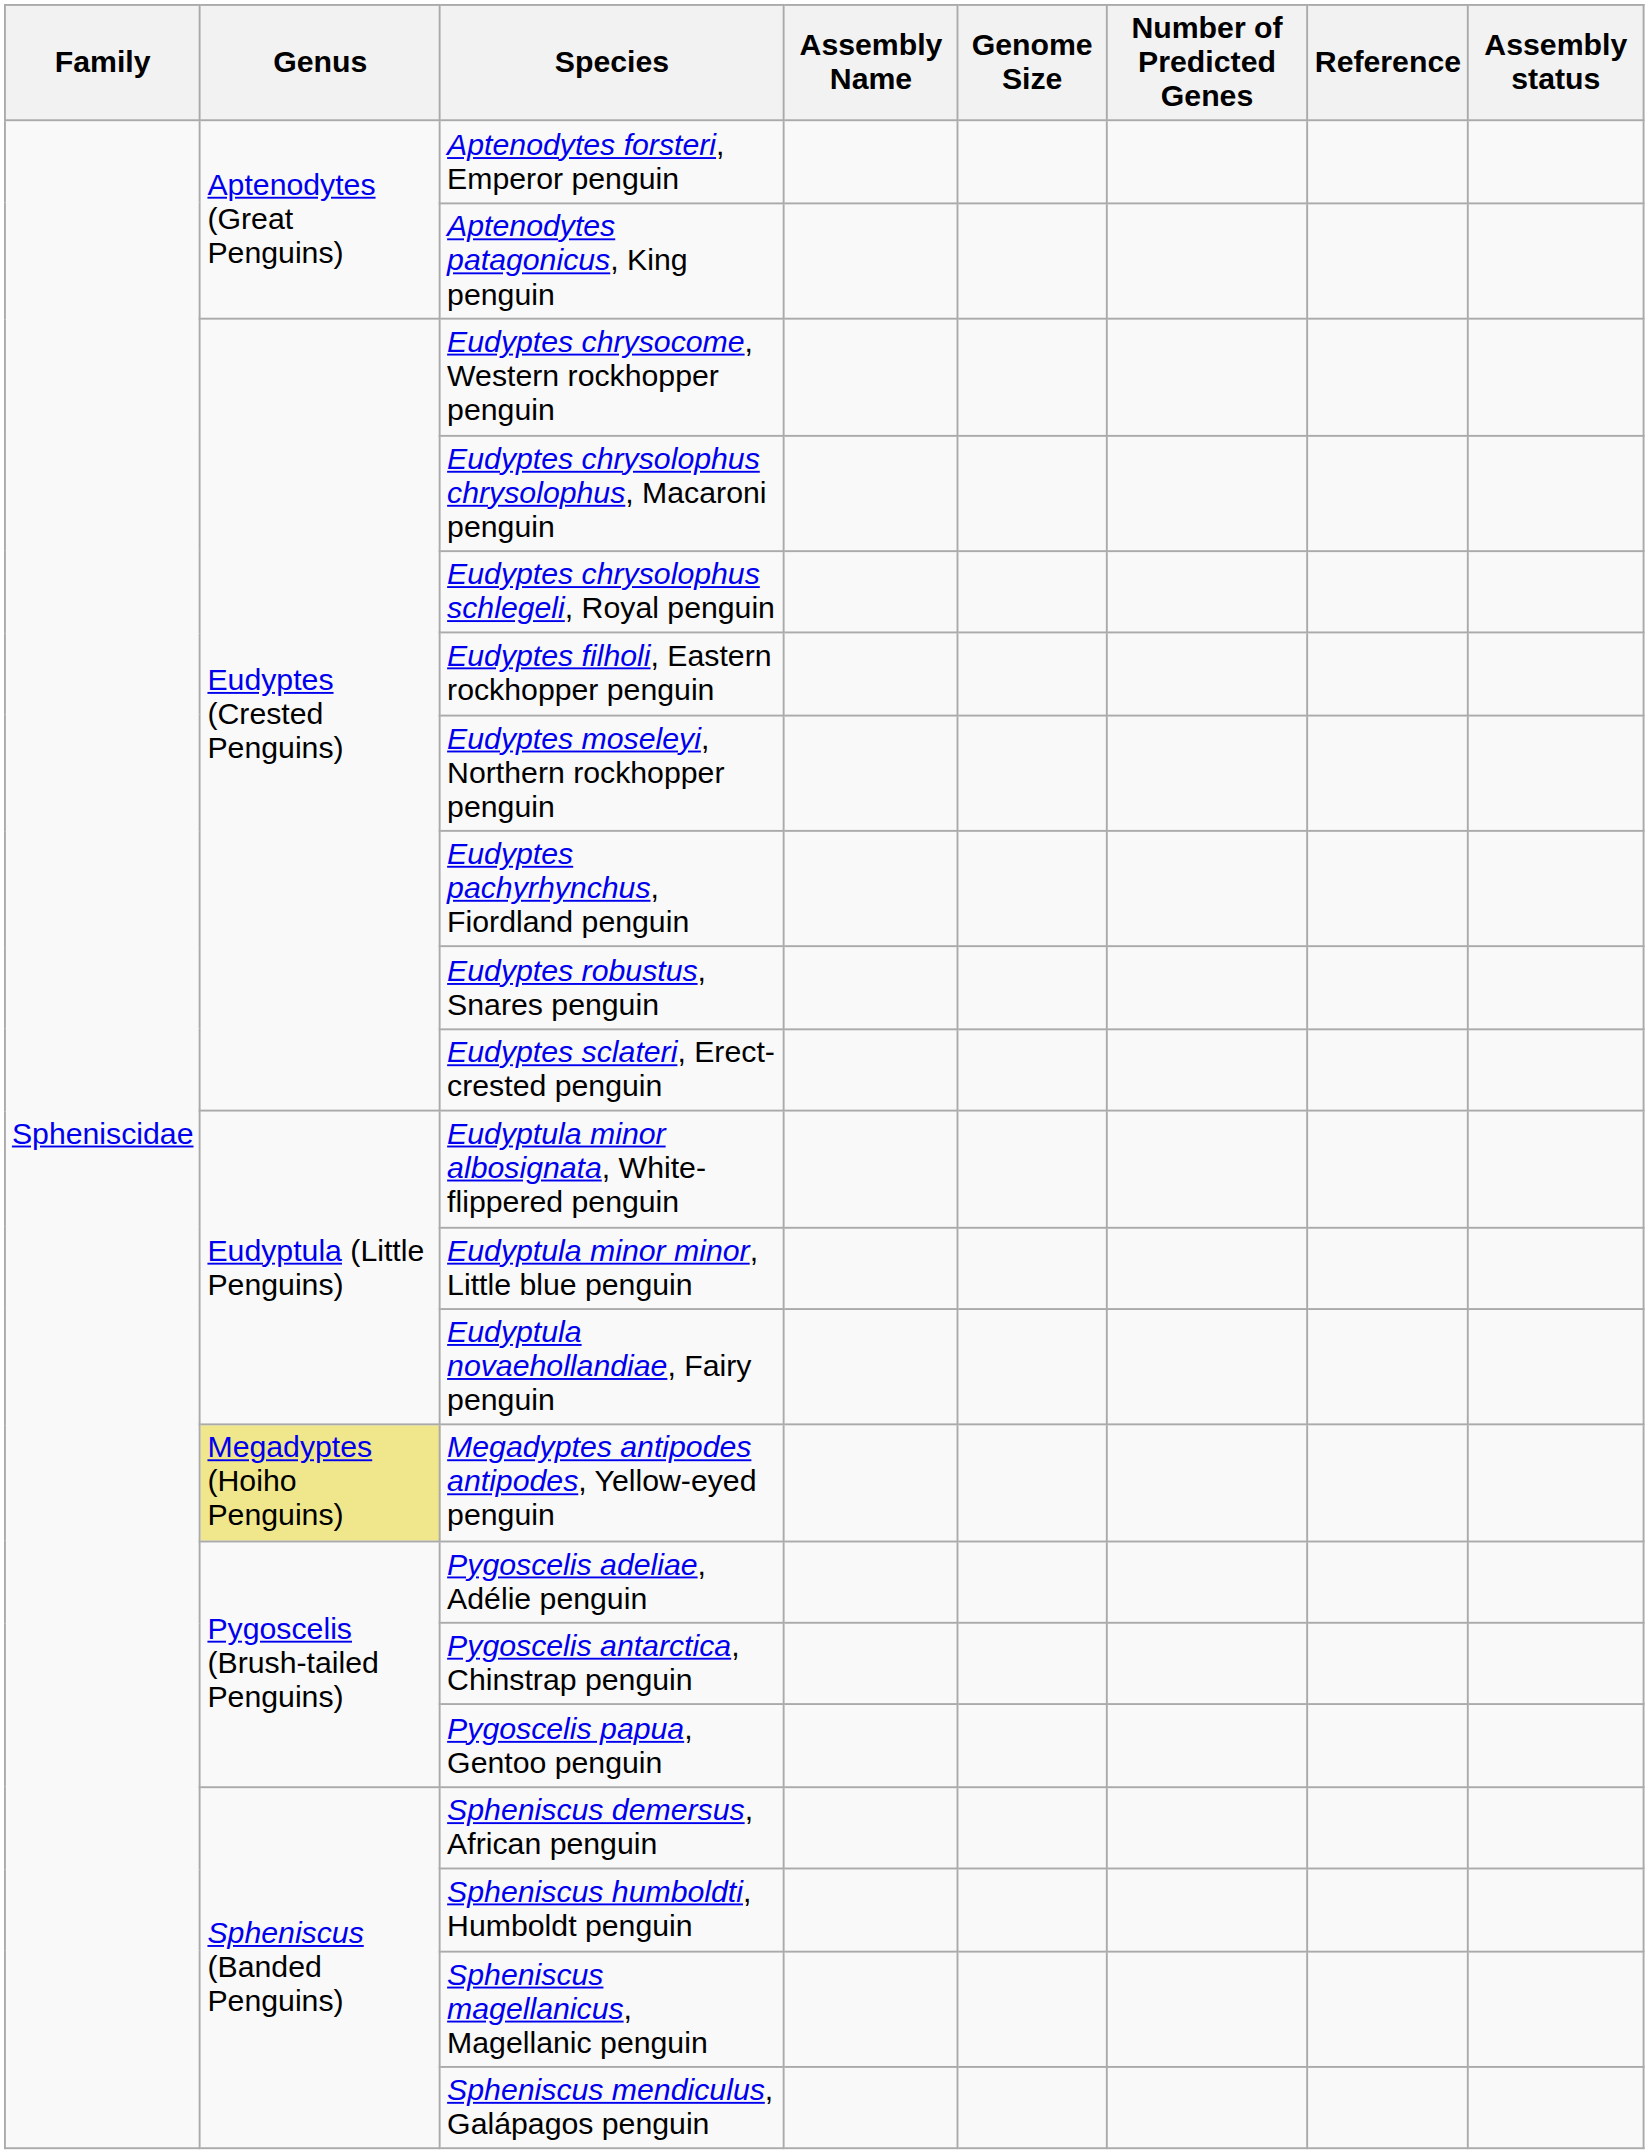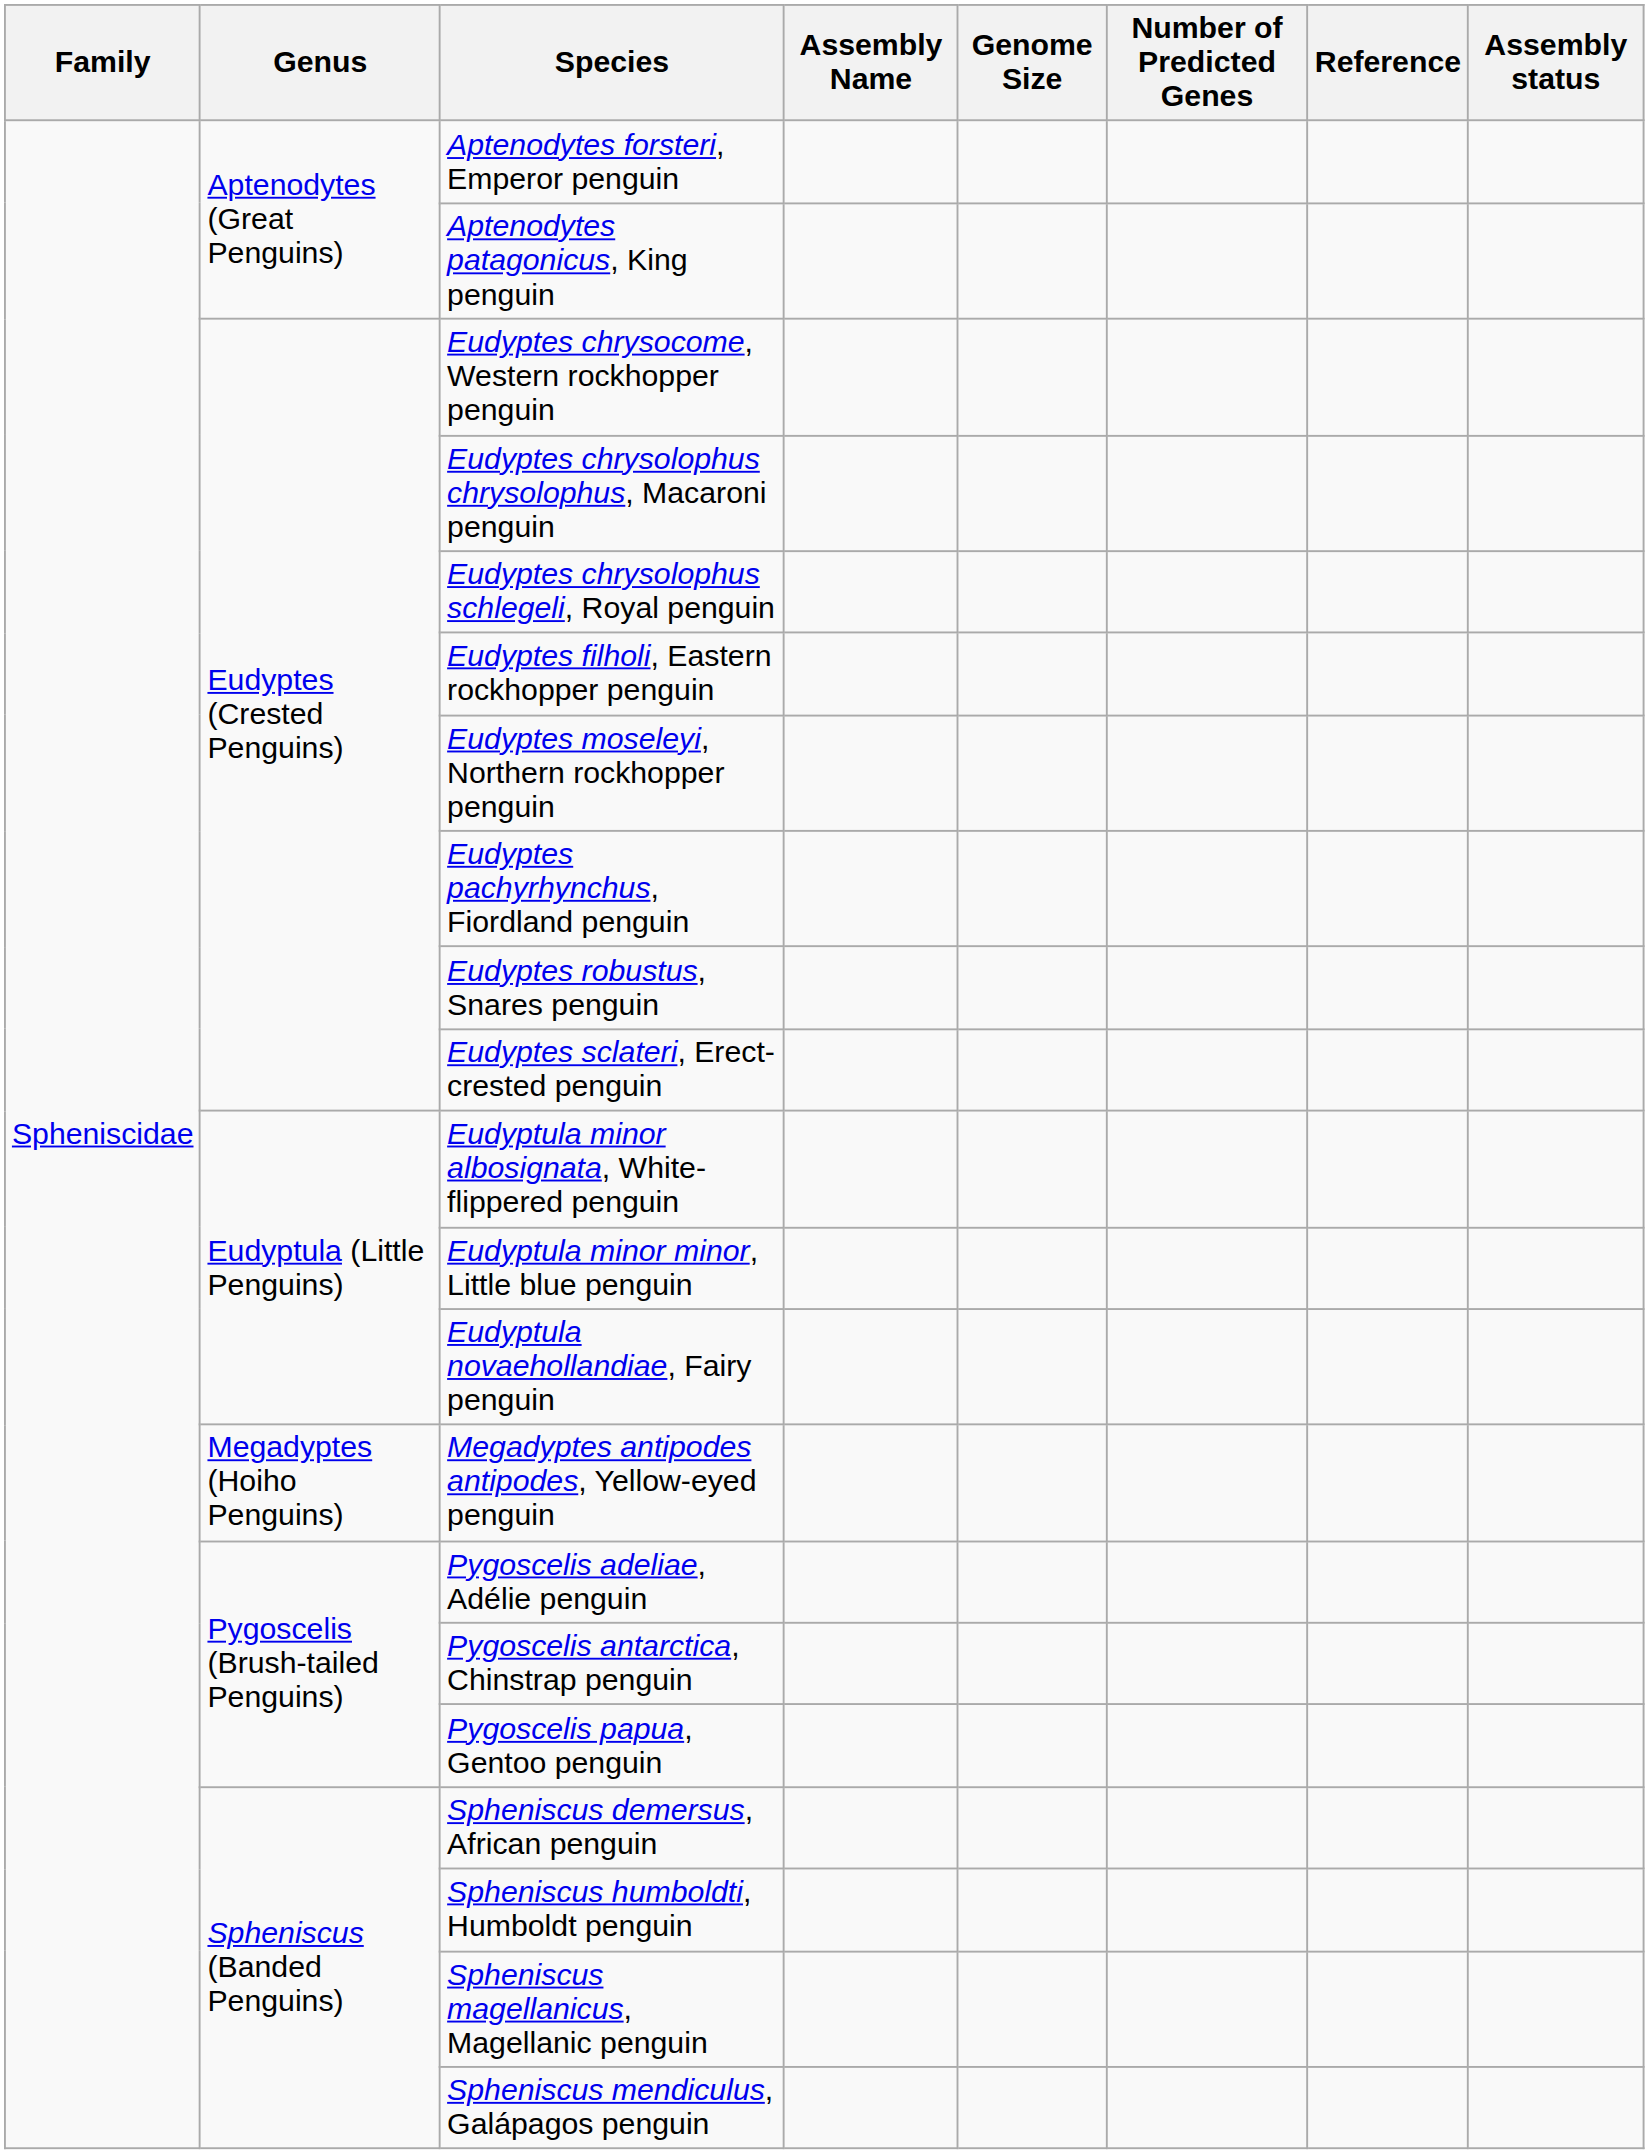 <table class="wikitable sortable">
 <tr>
 <th>Family</th>
 <th>Genus</th>
 <th>Species</th>
 <th>Assembly Name</th>
 <th>Genome Size</th>
 <th>Number of Predicted Genes</th>
 <th>Reference</th>
 <th>Assembly status</th>
 </tr>
 <tr>
 <td rowspan="21"><a href='#'>Spheniscidae</a></td>
 <td rowspan="2"><a href='#'>Aptenodytes</a> (Great Penguins)</td>
 <td><em><a href='#'>Aptenodytes forsteri</a></em>, Emperor penguin</td>
 <td></td>
 <td></td>
 <td></td>
 <td></td>
 <td></td>
 </tr>
 <tr>
 <td><em><a href='#'>Aptenodytes patagonicus</a></em>, King penguin</td>
 <td></td>
 <td></td>
 <td></td>
 <td></td>
 <td></td>
 </tr>
 <tr>
 <td rowspan="8"><a href='#'>Eudyptes</a> (Crested Penguins)</td>
 <td><em><a href='#'>Eudyptes chrysocome</a></em>, Western rockhopper penguin</td>
 <td></td>
 <td></td>
 <td></td>
 <td></td>
 <td></td>
 </tr>
 <tr>
 <td><em><a href='#'>Eudyptes chrysolophus chrysolophus</a></em>, Macaroni penguin</td>
 <td></td>
 <td></td>
 <td></td>
 <td></td>
 <td></td>
 </tr>
 <tr>
 <td><em><a href='#'>Eudyptes chrysolophus schlegeli</a></em>, Royal penguin</td>
 <td></td>
 <td></td>
 <td></td>
 <td></td>
 <td></td>
 </tr>
 <tr>
 <td><em><a href='#'>Eudyptes filholi</a></em>, Eastern rockhopper penguin</td>
 <td></td>
 <td></td>
 <td></td>
 <td></td>
 <td></td>
 </tr>
 <tr>
 <td><em><a href='#'>Eudyptes moseleyi</a></em>, Northern rockhopper penguin</td>
 <td></td>
 <td></td>
 <td></td>
 <td></td>
 <td></td>
 </tr>
 <tr>
 <td><em><a href='#'>Eudyptes pachyrhynchus</a></em>, Fiordland penguin</td>
 <td></td>
 <td></td>
 <td></td>
 <td></td>
 <td></td>
 </tr>
 <tr>
 <td><em><a href='#'>Eudyptes robustus</a></em>, Snares penguin</td>
 <td></td>
 <td></td>
 <td></td>
 <td></td>
 <td></td>
 </tr>
 <tr>
 <td><em><a href='#'>Eudyptes sclateri</a></em>, Erect-crested penguin</td>
 <td></td>
 <td></td>
 <td></td>
 <td></td>
 <td></td>
 </tr>
 <tr>
 <td rowspan="3"><a href='#'>Eudyptula</a> (Little Penguins)</td>
 <td><a href='#'><em>Eudyptula minor albosignata</em></a>, White-flippered penguin</td>
 <td></td>
 <td></td>
 <td></td>
 <td></td>
 <td></td>
 </tr>
 <tr>
 <td><em><a href='#'>Eudyptula minor minor</a></em>, Little blue penguin</td>
 <td></td>
 <td></td>
 <td></td>
 <td></td>
 <td></td>
 </tr>
 <tr>
 <td><em><a href='#'>Eudyptula novaehollandiae</a></em>, Fairy penguin</td>
 <td></td>
 <td></td>
 <td></td>
 <td></td>
 <td></td>
 </tr>
 <tr>
-<td style="background: khaki;"><a href='#'>Megadyptes</a> (Hoiho Penguins)</td>
+<td><a href='#'>Megadyptes</a> (Hoiho Penguins)</td>
 <td><em><a href='#'>Megadyptes antipodes antipodes</a></em>, Yellow-eyed penguin</td>
 <td></td>
 <td></td>
 <td></td>
 <td></td>
 <td></td>
 </tr>
 <tr>
 <td rowspan="3"><a href='#'>Pygoscelis</a> (Brush-tailed Penguins)</td>
 <td><a href='#'><em>Pygoscelis adeliae</em></a>, Adélie penguin</td>
 <td></td>
 <td></td>
 <td></td>
 <td></td>
 <td></td>
 </tr>
 <tr>
 <td><em><a href='#'>Pygoscelis antarctica</a></em>, Chinstrap penguin</td>
 <td></td>
 <td></td>
 <td></td>
 <td></td>
 <td></td>
 </tr>
 <tr>
 <td><em><a href='#'>Pygoscelis papua</a></em>, Gentoo penguin</td>
 <td></td>
 <td></td>
 <td></td>
 <td></td>
 <td></td>
 </tr>
 <tr>
 <td rowspan="4"><em><a href='#'>Spheniscus</a></em> (Banded Penguins)</td>
 <td><em><a href='#'>Spheniscus demersus</a></em>, African penguin</td>
 <td></td>
 <td></td>
 <td></td>
 <td></td>
 <td></td>
 </tr>
 <tr>
 <td><em><a href='#'>Spheniscus humboldti</a></em>, Humboldt penguin</td>
 <td></td>
 <td></td>
 <td></td>
 <td></td>
 <td></td>
 </tr>
 <tr>
 <td><em><a href='#'>Spheniscus magellanicus</a></em>, Magellanic penguin</td>
 <td></td>
 <td></td>
 <td></td>
 <td></td>
 <td></td>
 </tr>
 <tr>
 <td><em><a href='#'>Spheniscus mendiculus</a></em>, Galápagos penguin</td>
 <td></td>
 <td></td>
 <td></td>
 <td></td>
 <td></td>
 </tr>
 </table>
